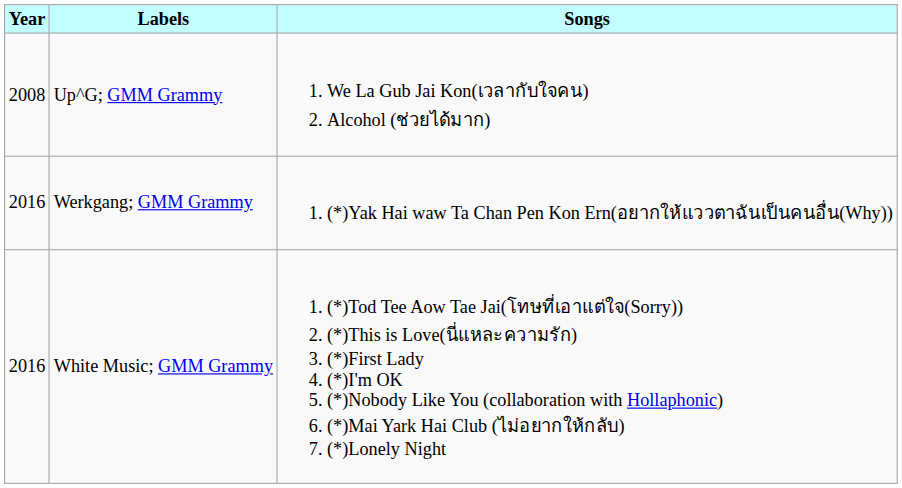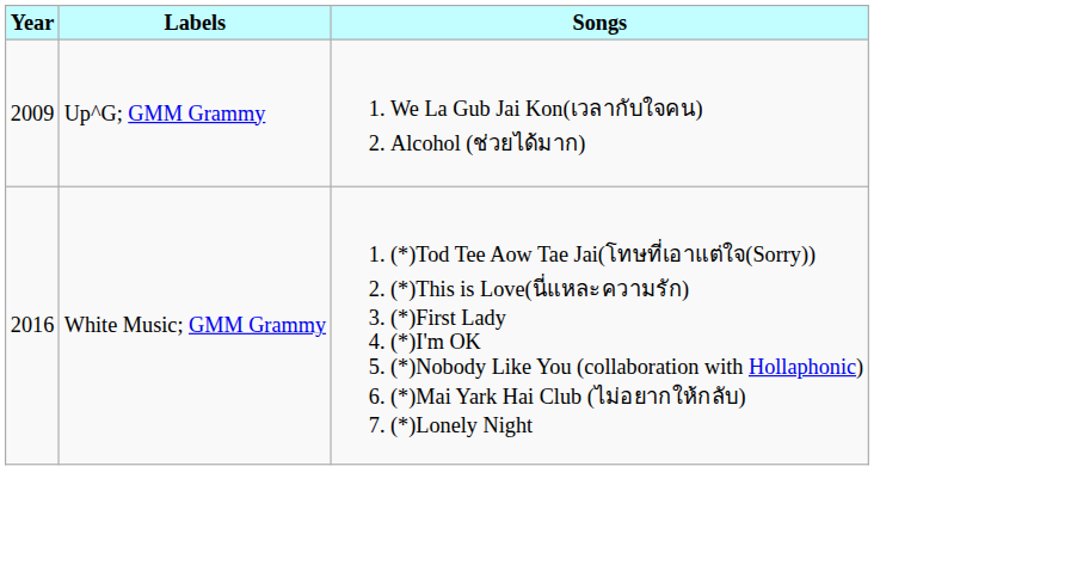 <table class="wikitable">
 <tr>
 <th style="background: #c2fdff">Year</th>
 <th style="background: #c2fdff">Labels</th>
 <th style="background: #c2fdff">Songs</th>
 </tr>
 <tr>
-<td>2008</td>
+<td>2009</td>
 <td>Up^G; <a href='#'>GMM Grammy</a></td>
 <td><br><ol><li>We La Gub Jai Kon(เวลากับใจคน)</li><li>Alcohol (ช่วยได้มาก)</li></ol></td>
-</tr>
-<tr>
-<td>2016</td>
-<td>Werkgang; <a href='#'>GMM Grammy</a></td>
-<td><br><ol><li>(*)Yak Hai waw Ta Chan Pen Kon Ern(อยากให้แววตาฉันเป็นคนอื่น(Why))</li></ol></td>
 </tr>
 <tr>
 <td>2016</td>
 <td>White Music; <a href='#'>GMM Grammy</a></td>
 <td><br><ol><li>(*)Tod Tee Aow Tae Jai(โทษที่เอาแต่ใจ(Sorry))</li><li>(*)This is Love(นี่แหละความรัก)</li><li>(*)First Lady</li><li>(*)I'm OK</li><li>(*)Nobody Like You (collaboration with <a href='#'>Hollaphonic</a>)</li><li>(*)Mai Yark Hai Club (ไม่อยากให้กลับ)</li><li>(*)Lonely Night</li></ol></td>
 </tr>
 </table>
